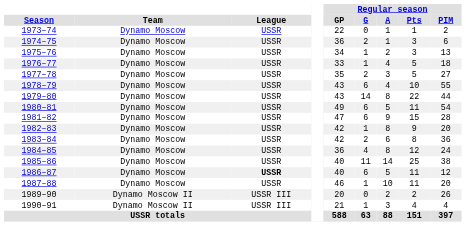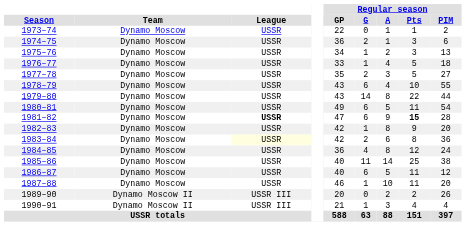 <table border="0" cellpadding="1" cellspacing="0" style="text-align:center; width:55em">
 <tr bgcolor="#e0e0e0">
 <th colspan="3" bgcolor="#ffffff"> </th>
 <th rowspan="99" bgcolor="#ffffff"> </th>
 <th colspan="5"><a href='#'>Regular season</a></th>
 </tr>
 <tr bgcolor="#e0e0e0">
 <th><a href='#'>Season</a></th>
 <th>Team</th>
 <th>League</th>
 <th>GP</th>
 <th><a href='#'>G</a></th>
 <th><a href='#'>A</a></th>
 <th><a href='#'>Pts</a></th>
 <th><a href='#'>PIM</a></th>
 </tr>
 <tr>
 <td><a href='#'>1973–74</a></td>
 <td><a href='#'>Dynamo Moscow</a></td>
 <td><a href='#'>USSR</a></td>
 <td>22</td>
 <td>0</td>
 <td>1</td>
 <td>1</td>
 <td>2</td>
 </tr>
 <tr bgcolor="#f0f0f0">
 <td><a href='#'>1974–75</a></td>
 <td>Dynamo Moscow</td>
 <td>USSR</td>
 <td>36</td>
 <td>2</td>
 <td>1</td>
 <td>3</td>
 <td>6</td>
 </tr>
 <tr>
 <td><a href='#'>1975–76</a></td>
 <td>Dynamo Moscow</td>
 <td>USSR</td>
 <td>34</td>
 <td>1</td>
 <td>2</td>
 <td>3</td>
 <td>13</td>
 </tr>
 <tr bgcolor="#f0f0f0">
 <td><a href='#'>1976–77</a></td>
 <td>Dynamo Moscow</td>
 <td>USSR</td>
 <td>33</td>
 <td>1</td>
 <td>4</td>
 <td>5</td>
 <td>18</td>
 </tr>
 <tr>
 <td><a href='#'>1977–78</a></td>
 <td>Dynamo Moscow</td>
 <td>USSR</td>
 <td>35</td>
 <td>2</td>
 <td>3</td>
 <td>5</td>
 <td>27</td>
 </tr>
 <tr bgcolor="#f0f0f0">
 <td><a href='#'>1978–79</a></td>
 <td>Dynamo Moscow</td>
 <td>USSR</td>
 <td>43</td>
 <td>6</td>
 <td>4</td>
 <td>10</td>
 <td>55</td>
 </tr>
 <tr>
 <td><a href='#'>1979–80</a></td>
 <td>Dynamo Moscow</td>
 <td>USSR</td>
 <td>43</td>
 <td>14</td>
 <td>8</td>
 <td>22</td>
 <td>44</td>
 </tr>
 <tr bgcolor="#f0f0f0">
 <td><a href='#'>1980–81</a></td>
 <td>Dynamo Moscow</td>
 <td>USSR</td>
 <td>49</td>
 <td>6</td>
 <td>5</td>
 <td>11</td>
 <td>54</td>
 </tr>
 <tr>
 <td><a href='#'>1981–82</a></td>
 <td>Dynamo Moscow</td>
-<td>USSR</td>
+<td><strong>USSR</strong></td>
 <td>47</td>
 <td>6</td>
 <td>9</td>
-<td>15</td>
+<td><strong>15</strong></td>
 <td>28</td>
 </tr>
 <tr bgcolor="#f0f0f0">
 <td><a href='#'>1982–83</a></td>
 <td>Dynamo Moscow</td>
 <td>USSR</td>
 <td>42</td>
 <td>1</td>
 <td>8</td>
 <td>9</td>
 <td>20</td>
 </tr>
 <tr>
 <td><a href='#'>1983–84</a></td>
 <td>Dynamo Moscow</td>
-<td>USSR</td>
+<td style="background: lightyellow;">USSR</td>
 <td>42</td>
 <td>2</td>
 <td>6</td>
 <td>8</td>
 <td>36</td>
 </tr>
 <tr bgcolor="#f0f0f0">
 <td><a href='#'>1984–85</a></td>
 <td>Dynamo Moscow</td>
 <td>USSR</td>
 <td>36</td>
 <td>4</td>
 <td>8</td>
 <td>12</td>
 <td>24</td>
 </tr>
 <tr>
 <td><a href='#'>1985–86</a></td>
 <td>Dynamo Moscow</td>
 <td>USSR</td>
 <td>40</td>
 <td>11</td>
 <td>14</td>
 <td>25</td>
 <td>38</td>
 </tr>
 <tr bgcolor="#f0f0f0">
 <td><a href='#'>1986–87</a></td>
 <td>Dynamo Moscow</td>
-<td><strong>USSR</strong></td>
+<td>USSR</td>
 <td>40</td>
 <td>6</td>
 <td>5</td>
 <td>11</td>
 <td>12</td>
 </tr>
 <tr>
 <td><a href='#'>1987–88</a></td>
 <td>Dynamo Moscow</td>
 <td>USSR</td>
 <td>46</td>
 <td>1</td>
 <td>10</td>
 <td>11</td>
 <td>20</td>
 </tr>
 <tr bgcolor="#f0f0f0">
 <td>1989–90</td>
 <td>Dynamo Moscow II</td>
 <td>USSR III</td>
 <td>20</td>
 <td>0</td>
 <td>2</td>
 <td>2</td>
 <td>26</td>
 </tr>
 <tr>
 <td>1990–91</td>
 <td>Dynamo Moscow II</td>
 <td>USSR III</td>
 <td>21</td>
 <td>1</td>
 <td>3</td>
 <td>4</td>
 <td>4</td>
 </tr>
 <tr bgcolor="#e0e0e0">
 <th colspan="3">USSR totals</th>
 <th>588</th>
 <th>63</th>
 <th>88</th>
 <th>151</th>
 <th>397</th>
 </tr>
 </table>
